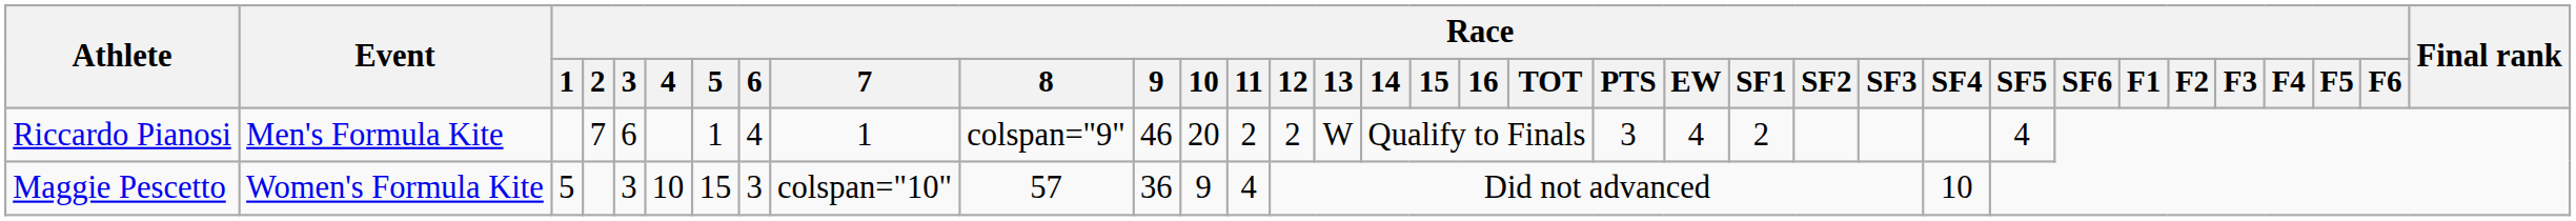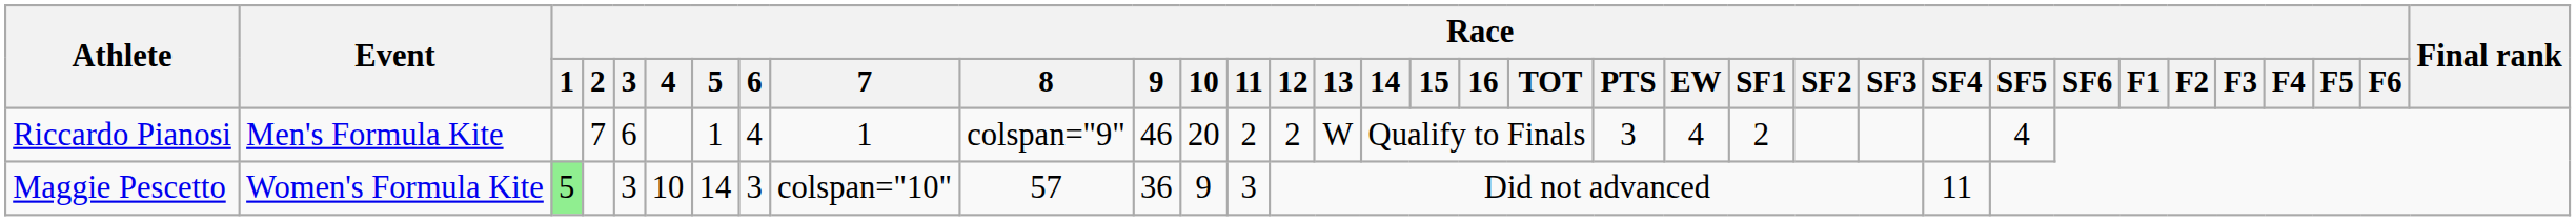 <table class="wikitable" style="font-size:90%">
 <tr>
 <th rowspan="2">Athlete</th>
 <th rowspan="2">Event</th>
 <th colspan="31">Race</th>
 <th rowspan="2">Final rank</th>
 </tr>
 <tr style="font-size:95%">
 <th>1</th>
 <th>2</th>
 <th>3</th>
 <th>4</th>
 <th>5</th>
 <th>6</th>
 <th>7</th>
 <th>8</th>
 <th>9</th>
 <th>10</th>
 <th>11</th>
 <th>12</th>
 <th>13</th>
 <th>14</th>
 <th>15</th>
 <th>16</th>
 <th>TOT</th>
 <th>PTS</th>
 <th>EW</th>
 <th>SF1</th>
 <th>SF2</th>
 <th>SF3</th>
 <th>SF4</th>
 <th>SF5</th>
 <th>SF6</th>
 <th>F1</th>
 <th>F2</th>
 <th>F3</th>
 <th>F4</th>
 <th>F5</th>
 <th>F6</th>
 </tr>
 <tr align=center>
 <td align=left><a href='#'>Riccardo Pianosi</a></td>
 <td align=left><a href='#'>Men's Formula Kite</a></td>
 <td></td>
 <td>7</td>
 <td>6</td>
 <td></td>
 <td>1</td>
 <td>4</td>
 <td>1</td>
 <td>colspan="9" </td>
 <td>46</td>
 <td>20</td>
 <td>2</td>
 <td>2</td>
 <td>W</td>
 <td colspan=4>Qualify to Finals</td>
 <td>3</td>
 <td>4</td>
 <td>2</td>
 <td></td>
 <td></td>
 <td></td>
 <td>4</td>
 </tr>
 <tr align=center>
 <td align=left><a href='#'>Maggie Pescetto</a></td>
 <td align=left><a href='#'>Women's Formula Kite</a></td>
-<td>5</td>
+<td style="background: lightgreen;">5</td>
 <td></td>
 <td>3</td>
 <td>10</td>
-<td>15</td>
+<td>14</td>
 <td>3</td>
 <td>colspan="10" </td>
 <td>57</td>
 <td>36</td>
 <td>9</td>
-<td>4</td>
+<td>3</td>
 <td colspan=11>Did not advanced</td>
-<td>10</td>
+<td>11</td>
 </tr>
 </table>
